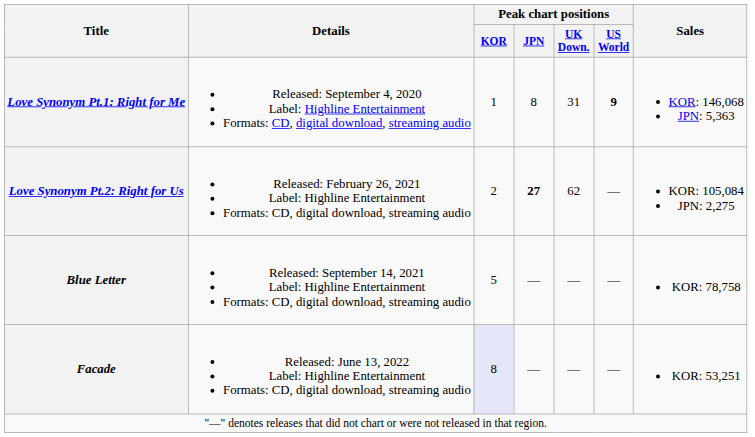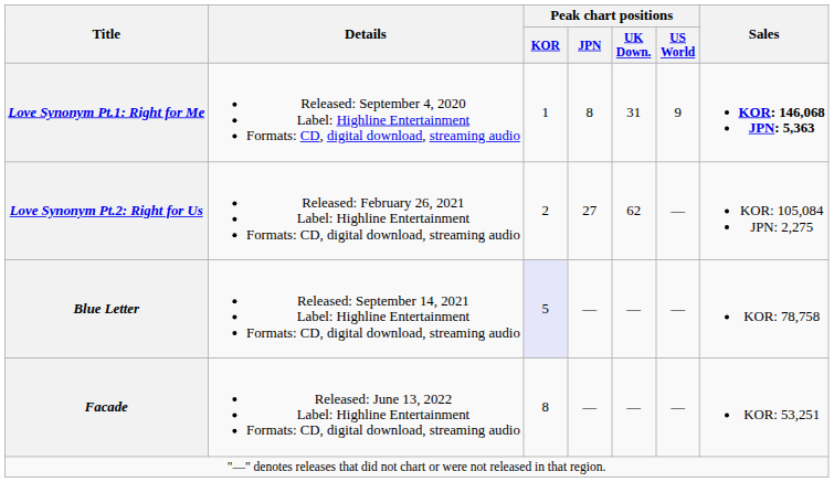 <table class="wikitable plainrowheaders" style="text-align:center;">
 <tr>
 <th scope="col" rowspan="2">Title</th>
 <th scope="col" rowspan="2">Details</th>
 <th colspan="4">Peak chart positions</th>
 <th scope="col" rowspan="2">Sales</th>
 </tr>
 <tr>
 <th scope="col" style="width:3em;font-size:90%;"><a href='#'>KOR</a><br></th>
 <th scope="col" style="width:3em;font-size:90%;"><a href='#'>JPN</a><br></th>
 <th scope="col" style="width:3em;font-size:90%;"><a href='#'>UK<br>Down.</a><br></th>
 <th scope="col" style="width:3em;font-size:90%;"><a href='#'>US<br>World</a><br></th>
 </tr>
 <tr>
 <th scope="row"><em><a href='#'>Love Synonym Pt.1: Right for Me</a></em></th>
 <td><br><ul><li>Released: September 4, 2020</li><li>Label: <a href='#'>Highline Entertainment</a></li><li>Formats: <a href='#'>CD</a>, <a href='#'>digital download</a>, <a href='#'>streaming audio</a></li></ul></td>
 <td>1</td>
 <td>8</td>
 <td>31</td>
-<td><strong>9</strong></td>
-<td><br><ul><li><a href='#'>KOR</a>: 146,068</li><li><a href='#'>JPN</a>: 5,363</li></ul></td>
+<td>9</td>
+<td><strong><br><ul><li><a href='#'>KOR</a>: 146,068</li><li><a href='#'>JPN</a>: 5,363</li></ul></strong></td>
 </tr>
 <tr>
 <th scope="row"><em><a href='#'>Love Synonym Pt.2: Right for Us</a></em></th>
 <td><br><ul><li>Released: February 26, 2021</li><li>Label: Highline Entertainment</li><li>Formats: CD, digital download, streaming audio</li></ul></td>
 <td>2</td>
-<td><strong>27</strong></td>
+<td>27</td>
 <td>62</td>
 <td>—</td>
 <td><br><ul><li>KOR: 105,084</li><li>JPN: 2,275</li></ul></td>
 </tr>
 <tr>
 <th scope="row"><em>Blue Letter</em></th>
 <td><br><ul><li>Released: September 14, 2021</li><li>Label: Highline Entertainment</li><li>Formats: CD, digital download, streaming audio</li></ul></td>
-<td>5</td>
+<td style="background: lavender;">5</td>
 <td>—</td>
 <td>—</td>
 <td>—</td>
 <td><br><ul><li>KOR: 78,758</li></ul></td>
 </tr>
 <tr>
 <th scope="row"><em>Facade</em></th>
 <td><br><ul><li>Released: June 13, 2022</li><li>Label: Highline Entertainment</li><li>Formats: CD, digital download, streaming audio</li></ul></td>
-<td style="background: lavender;">8</td>
+<td>8</td>
 <td>—</td>
 <td>—</td>
 <td>—</td>
 <td><br><ul><li>KOR: 53,251</li></ul></td>
 </tr>
 <tr>
 <td colspan="7" style="font-size:90%">"—" denotes releases that did not chart or were not released in that region.</td>
 </tr>
 </table>
